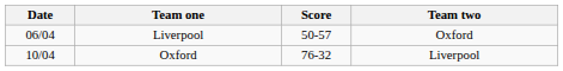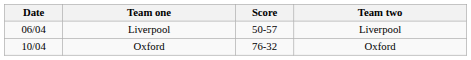 <table class="wikitable" style="text-align: center">
 <tr>
 <th width=80>Date</th>
 <th width=250>Team one</th>
 <th width=80>Score</th>
 <th width=250>Team two</th>
 </tr>
 <tr>
 <td>06/04</td>
 <td>Liverpool</td>
 <td>50-57</td>
-<td>Oxford</td>
+<td>Liverpool</td>
 </tr>
 <tr>
 <td>10/04</td>
 <td>Oxford</td>
 <td>76-32</td>
-<td>Liverpool</td>
+<td>Oxford</td>
 </tr>
 </table>
